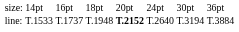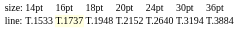 <table style="margin-left:40px;">
 <tr>
 <td>size:</td>
 <td>14pt</td>
 <td>16pt</td>
 <td>18pt</td>
 <td>20pt</td>
 <td>24pt</td>
 <td>30pt</td>
 <td>36pt</td>
 </tr>
 <tr>
 <td>line:</td>
 <td>T.1533</td>
-<td>T.1737</td>
+<td style="background: lightyellow;">T.1737</td>
 <td>T.1948</td>
-<td><strong>T.2152</strong></td>
+<td>T.2152</td>
 <td>T.2640</td>
 <td>T.3194</td>
 <td>T.3884</td>
 </tr>
 </table>
